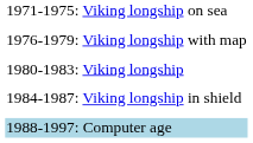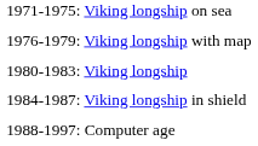 <table cellspacing="10px">
 <tr valign="top">
 <td>1971-1975: <a href='#'>Viking longship</a> on sea<br></td>
 </tr>
 <tr valign="top">
 <td>1976-1979: <a href='#'>Viking longship</a> with map<br></td>
 </tr>
 <tr valign="top">
 <td>1980-1983: <a href='#'>Viking longship</a><br></td>
 </tr>
 <tr valign="top">
 <td>1984-1987: <a href='#'>Viking longship</a> in shield<br></td>
 </tr>
 <tr valign="top">
-<td style="background: lightblue;">1988-1997: Computer age<br></td>
+<td>1988-1997: Computer age<br></td>
 </tr>
 </table>
